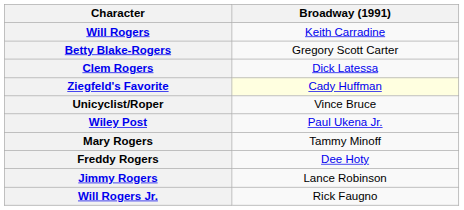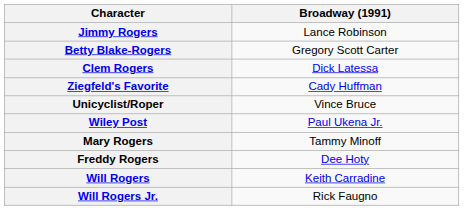 <table class="wikitable" style="width:50%; text-align:center">
 <tr>
 <th scope="col">Character</th>
 <th>Broadway (1991)</th>
 </tr>
 <tr>
-<th><a href='#'>Will Rogers</a></th>
-<td colspan="1"><a href='#'>Keith Carradine</a></td>
+<th><a href='#'>Jimmy Rogers</a></th>
+<td colspan="1">Lance Robinson</td>
 </tr>
 <tr>
 <th><a href='#'>Betty Blake-Rogers</a></th>
 <td colspan="1">Gregory Scott Carter</td>
 </tr>
 <tr>
 <th><a href='#'>Clem Rogers</a></th>
 <td colspan="1”"><a href='#'>Dick Latessa</a></td>
 </tr>
 <tr>
 <th><a href='#'>Ziegfeld's Favorite</a></th>
-<td colspan="1" style="background: lightyellow;"><a href='#'>Cady Huffman</a></td>
+<td colspan="1"><a href='#'>Cady Huffman</a></td>
 </tr>
 <tr>
 <th>Unicyclist/Roper</th>
 <td colspan="1">Vince Bruce</td>
 </tr>
 <tr>
 <th><a href='#'>Wiley Post</a></th>
 <td colspan="1"><a href='#'>Paul Ukena Jr.</a></td>
 </tr>
 <tr>
 <th>Mary Rogers</th>
 <td colspan="1">Tammy Minoff</td>
 </tr>
 <tr>
 <th>Freddy Rogers</th>
 <td colspan="1”"><a href='#'>Dee Hoty</a></td>
 </tr>
 <tr>
-<th><a href='#'>Jimmy Rogers</a></th>
-<td colspan="1">Lance Robinson</td>
+<th><a href='#'>Will Rogers</a></th>
+<td colspan="1"><a href='#'>Keith Carradine</a></td>
 </tr>
 <tr>
 <th><a href='#'>Will Rogers Jr.</a></th>
 <td colspan="1">Rick Faugno</td>
 </tr>
 </table>
